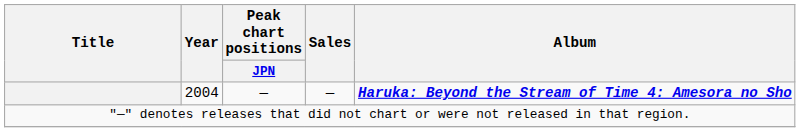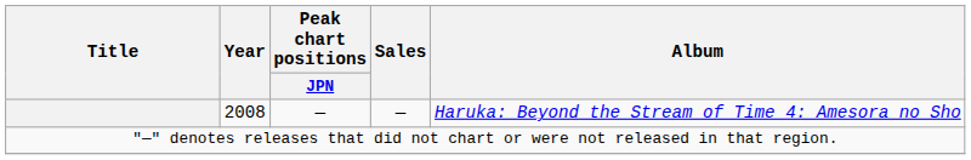 <table class="wikitable plainrowheaders" style="text-align:center;">
 <tr>
 <th scope="col" rowspan="2" style="width:12em;">Title</th>
 <th scope="col" rowspan="2">Year</th>
 <th scope="col" colspan="1">Peak chart positions</th>
 <th scope="col" rowspan="2">Sales</th>
 <th scope="col" rowspan="2">Album</th>
 </tr>
 <tr>
 <th scope="col" style="width:3em;font-size:90%;"><a href='#'>JPN</a></th>
 </tr>
 <tr>
 <th scope="row"></th>
-<td>2004</td>
+<td>2008</td>
 <td>—</td>
 <td>—</td>
-<td><strong><em><a href='#'>Haruka: Beyond the Stream of Time 4: Amesora no Sho</a></em></strong></td>
+<td><em><a href='#'>Haruka: Beyond the Stream of Time 4: Amesora no Sho</a></em></td>
 </tr>
 <tr>
 <td colspan="5" style="font-size:90%;">"—" denotes releases that did not chart or were not released in that region.</td>
 </tr>
 <tr>
 </tr>
 </table>
